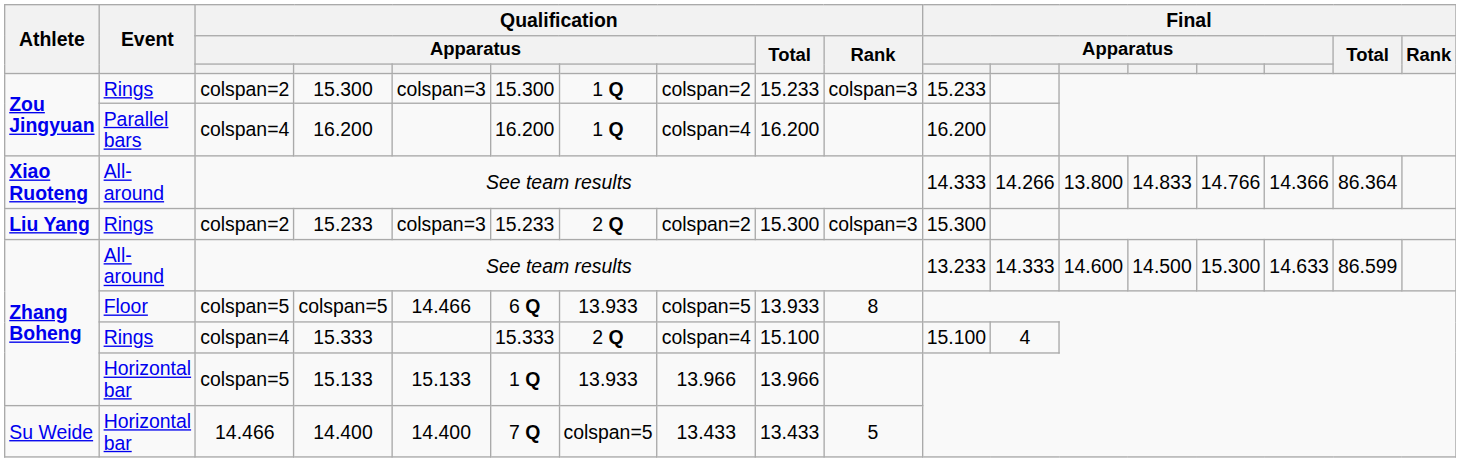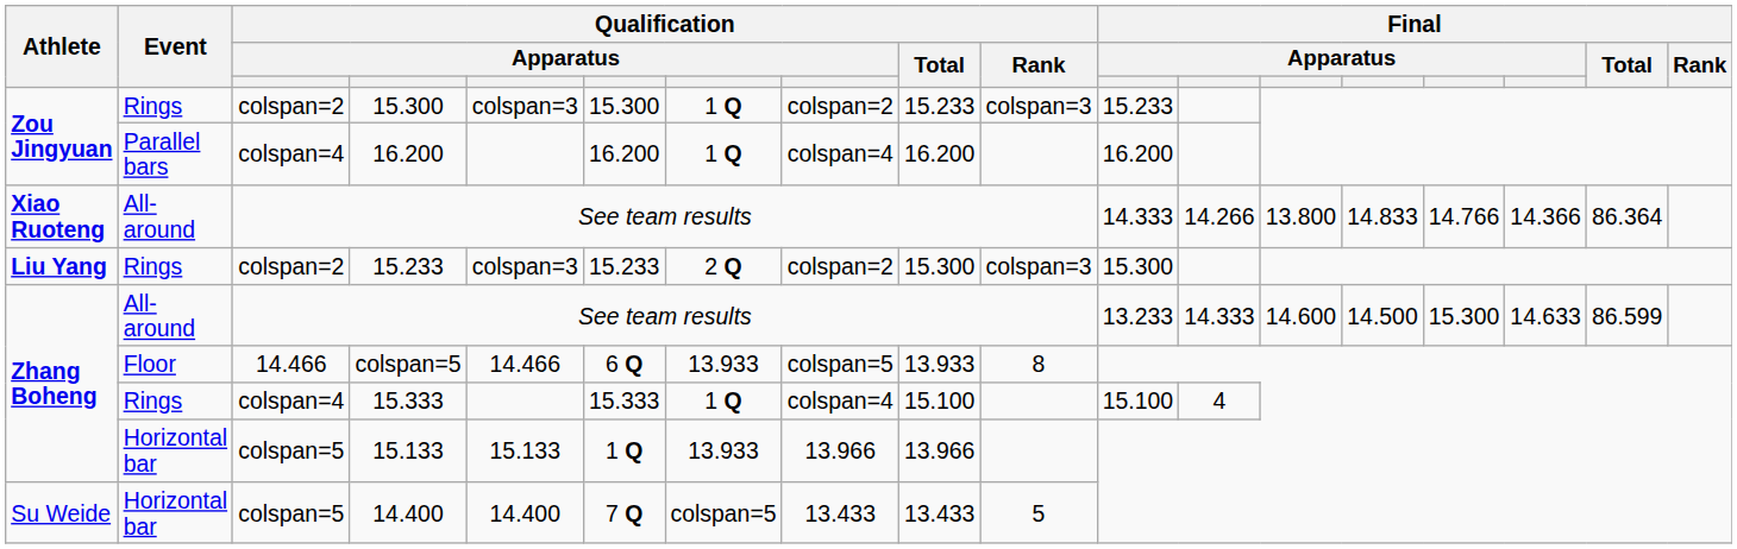 <table class=wikitable style=font-size:90%;text-align:center>
 <tr>
 <th rowspan=3>Athlete</th>
 <th rowspan=3>Event</th>
 <th colspan=8>Qualification</th>
 <th colspan=8>Final</th>
 </tr>
 <tr style="font-size:95%">
 <th colspan=6>Apparatus</th>
 <th rowspan=2>Total</th>
 <th rowspan=2>Rank</th>
 <th colspan=6>Apparatus</th>
 <th rowspan=2>Total</th>
 <th rowspan=2>Rank</th>
 </tr>
 <tr style="font-size:95%">
 <th></th>
 <th></th>
 <th></th>
 <th></th>
 <th></th>
 <th></th>
 <th></th>
 <th></th>
 <th></th>
 <th></th>
 <th></th>
 <th></th>
 </tr>
 <tr>
 <td align=left rowspan=2><strong><a href='#'>Zou Jingyuan</a></strong></td>
 <td align=left><a href='#'>Rings</a></td>
 <td>colspan=2</td>
 <td>15.300</td>
 <td>colspan=3</td>
 <td>15.300</td>
 <td>1 <strong>Q</strong></td>
 <td>colspan=2</td>
 <td>15.233</td>
 <td>colspan=3</td>
 <td>15.233</td>
 <td></td>
 </tr>
 <tr>
 <td align=left><a href='#'>Parallel bars</a></td>
 <td>colspan=4</td>
 <td>16.200</td>
 <td></td>
 <td>16.200</td>
 <td>1 <strong>Q</strong></td>
 <td>colspan=4</td>
 <td>16.200</td>
 <td></td>
 <td>16.200</td>
 <td></td>
 </tr>
 <tr>
 <td align=left><strong><a href='#'>Xiao Ruoteng</a></strong></td>
 <td align=left><a href='#'>All-around</a></td>
 <td colspan=8><em>See team results</em></td>
 <td>14.333</td>
 <td>14.266</td>
 <td>13.800</td>
 <td>14.833</td>
 <td>14.766</td>
 <td>14.366</td>
 <td>86.364</td>
 <td></td>
 </tr>
 <tr>
 <td align=left><strong><a href='#'>Liu Yang</a></strong></td>
 <td align=left><a href='#'>Rings</a></td>
 <td>colspan=2</td>
 <td>15.233</td>
 <td>colspan=3</td>
 <td>15.233</td>
 <td>2 <strong>Q</strong></td>
 <td>colspan=2</td>
 <td>15.300</td>
 <td>colspan=3</td>
 <td>15.300</td>
 <td></td>
 </tr>
 <tr>
 <td align=left rowspan=4><strong><a href='#'>Zhang Boheng</a></strong></td>
 <td align=left><a href='#'>All-around</a></td>
 <td colspan=8><em>See team results</em></td>
 <td>13.233</td>
 <td>14.333</td>
 <td>14.600</td>
 <td>14.500</td>
 <td>15.300</td>
 <td>14.633</td>
 <td>86.599</td>
 <td></td>
 </tr>
 <tr>
 <td align=left><a href='#'>Floor</a></td>
-<td>colspan=5</td>
+<td>14.466</td>
 <td>colspan=5</td>
 <td>14.466</td>
 <td>6 <strong>Q</strong></td>
 <td>13.933</td>
 <td>colspan=5</td>
 <td>13.933</td>
 <td>8</td>
 </tr>
 <tr>
 <td align=left><a href='#'>Rings</a></td>
 <td>colspan=4</td>
 <td>15.333</td>
 <td></td>
 <td>15.333</td>
-<td>2 <strong>Q</strong></td>
+<td>1 <strong>Q</strong></td>
 <td>colspan=4</td>
 <td>15.100</td>
 <td></td>
 <td>15.100</td>
 <td>4</td>
 </tr>
 <tr>
 <td align=left><a href='#'>Horizontal bar</a></td>
 <td>colspan=5</td>
 <td>15.133</td>
 <td>15.133</td>
 <td>1 <strong>Q</strong></td>
 <td>13.933</td>
 <td>13.966</td>
 <td>13.966</td>
 <td></td>
 </tr>
 <tr>
 <td align=left><a href='#'>Su Weide</a></td>
 <td align=left><a href='#'>Horizontal bar</a></td>
-<td>14.466</td>
+<td>colspan=5</td>
 <td>14.400</td>
 <td>14.400</td>
 <td>7 <strong>Q</strong></td>
 <td>colspan=5</td>
 <td>13.433</td>
 <td>13.433</td>
 <td>5</td>
 </tr>
 </table>
